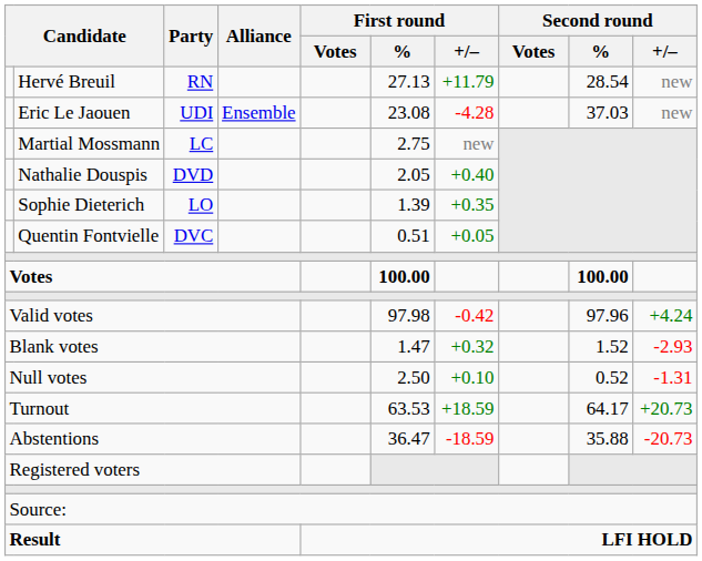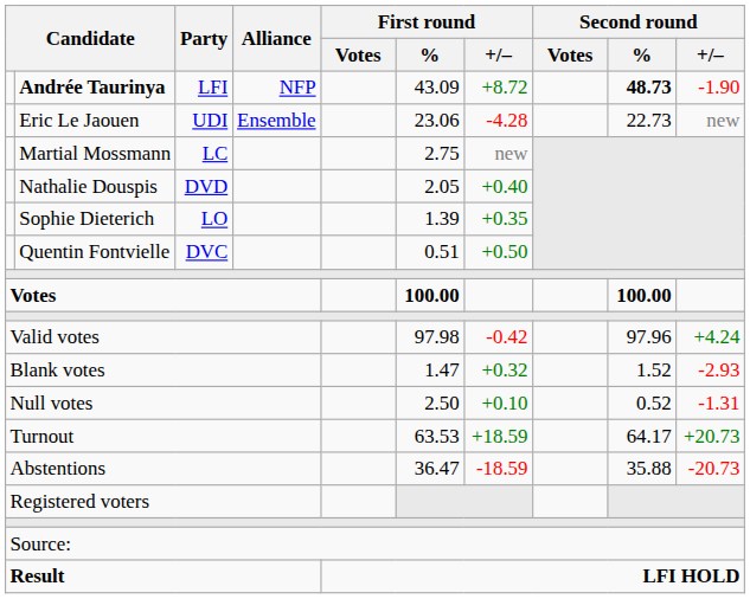 <table class="wikitable" style="text-align:right;font-size:95%;">
 <tr>
 <th rowspan="2" colspan="2">Candidate</th>
 <th colspan="1" rowspan="2">Party</th>
 <th colspan="1" rowspan="2">Alliance</th>
 <th colspan="3">First round</th>
 <th colspan="3">Second round</th>
 </tr>
 <tr>
 <th style="width:50px;">Votes</th>
 <th style="width:45px;">%</th>
 <th style="width:45px;">+/–</th>
 <th style="width:50px;">Votes</th>
 <th style="width:45px;">%</th>
 <th style="width:45px;">+/–</th>
 </tr>
 <tr>
 <td style="color:inherit;background:"></td>
-<td style="text-align:left;">Hervé Breuil</td>
-<td><a href='#'>RN</a></td>
+<td style="text-align:left;"><strong>Andrée Taurinya</strong></td>
+<td><a href='#'>LFI</a></td>
+<td><a href='#'>NFP</a></td>
 <td></td>
-<td></td>
-<td>27.13</td>
-<td style="color:green;">+11.79</td>
-<td></td>
-<td>28.54</td>
-<td style="color:grey;">new</td>
+<td>43.09</td>
+<td style="color:green;">+8.72</td>
+<td><strong></strong></td>
+<td><strong>48.73</strong></td>
+<td style="color:red;">-1.90</td>
 </tr>
 <tr>
 <td style="color:inherit;background:"></td>
 <td style="text-align:left;">Eric Le Jaouen</td>
 <td><a href='#'>UDI</a></td>
 <td><a href='#'>Ensemble</a></td>
 <td></td>
-<td>23.08</td>
+<td>23.06</td>
 <td style="color:red;">-4.28</td>
 <td></td>
-<td>37.03</td>
+<td>22.73</td>
 <td style="color:grey;">new</td>
 </tr>
 <tr>
 <td style="color:inherit;background:"></td>
 <td style="text-align:left;">Martial Mossmann</td>
 <td><a href='#'>LC</a></td>
 <td></td>
 <td></td>
 <td>2.75</td>
 <td style="color:grey;">new</td>
 <td colspan="3" rowspan="4" style="background:#E9E9E9;"></td>
 </tr>
 <tr>
 <td style="color:inherit;background:"></td>
 <td style="text-align:left;">Nathalie Douspis</td>
 <td><a href='#'>DVD</a></td>
 <td></td>
 <td></td>
 <td>2.05</td>
 <td style="color:green;">+0.40</td>
 </tr>
 <tr>
 <td style="color:inherit;background:"></td>
 <td style="text-align:left;">Sophie Dieterich</td>
 <td><a href='#'>LO</a></td>
 <td></td>
 <td></td>
 <td>1.39</td>
 <td style="color:green;">+0.35</td>
 </tr>
 <tr>
 <td style="color:inherit;background:"></td>
 <td style="text-align:left;">Quentin Fontvielle</td>
 <td><a href='#'>DVC</a></td>
 <td></td>
 <td></td>
 <td>0.51</td>
-<td style="color:green;">+0.05</td>
+<td style="color:green;">+0.50</td>
 </tr>
 <tr>
 <td colspan="10" style="background:#E9E9E9;"></td>
 </tr>
 <tr style="font-weight:bold;">
 <td colspan="4" style="text-align:left;">Votes</td>
 <td></td>
 <td>100.00</td>
 <td></td>
 <td></td>
 <td>100.00</td>
 <td></td>
 </tr>
 <tr>
 <td colspan="10" style="background:#E9E9E9;"></td>
 </tr>
 <tr>
 <td colspan="4" style="text-align:left;">Valid votes</td>
 <td></td>
 <td>97.98</td>
 <td style="color:red;">-0.42</td>
 <td></td>
 <td>97.96</td>
 <td style="color:green;">+4.24</td>
 </tr>
 <tr>
 <td colspan="4" style="text-align:left;">Blank votes</td>
 <td></td>
 <td>1.47</td>
 <td style="color:green;">+0.32</td>
 <td></td>
 <td>1.52</td>
 <td style="color:red;">-2.93</td>
 </tr>
 <tr>
 <td colspan="4" style="text-align:left;">Null votes</td>
 <td></td>
 <td>2.50</td>
 <td style="color:green;">+0.10</td>
 <td></td>
 <td>0.52</td>
 <td style="color:red;">-1.31</td>
 </tr>
 <tr>
 <td colspan="4" style="text-align:left;">Turnout</td>
 <td></td>
 <td>63.53</td>
 <td style="color:green;">+18.59</td>
 <td></td>
 <td>64.17</td>
 <td style="color:green;">+20.73</td>
 </tr>
 <tr>
 <td colspan="4" style="text-align:left;">Abstentions</td>
 <td></td>
 <td>36.47</td>
 <td style="color:red;">-18.59</td>
 <td></td>
 <td>35.88</td>
 <td style="color:red;">-20.73</td>
 </tr>
 <tr>
 <td colspan="4" style="text-align:left;">Registered voters</td>
 <td></td>
 <td colspan="2" style="background:#E9E9E9;"></td>
 <td></td>
 <td colspan="2" style="background:#E9E9E9;"></td>
 </tr>
 <tr>
 <td colspan="10" style="background:#E9E9E9;"></td>
 </tr>
 <tr>
 <td colspan="10" style="text-align:left;">Source: </td>
 </tr>
 <tr style="font-weight:bold">
 <td colspan="4" style="text-align:left;">Result</td>
 <td colspan="6" style="background-color:">LFI HOLD</td>
 </tr>
 </table>
